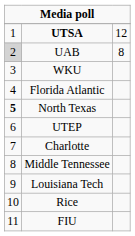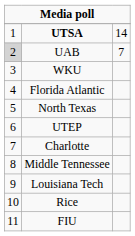 <table class="wikitable" style="display: inline-table;">
 <tr>
 <td align="center" Colspan="3"><strong>Media poll</strong></td>
 </tr>
 <tr align="center">
 </tr>
 <tr align="center"|>
 <td>1</td>
 <td><strong>UTSA</strong></td>
-<td>12</td>
+<td>14</td>
 </tr>
 <tr align="center">
 <td style="background: lightgrey;">2</td>
 <td>UAB</td>
-<td>8</td>
+<td>7</td>
 </tr>
 <tr align="center">
 <td>3</td>
 <td>WKU</td>
 <td></td>
 </tr>
 <tr align="center">
 <td>4</td>
 <td>Florida Atlantic</td>
 <td></td>
 </tr>
 <tr align="center">
-<td><strong>5</strong></td>
+<td>5</td>
 <td>North Texas</td>
 <td></td>
 </tr>
 <tr align="center">
 <td>6</td>
 <td>UTEP</td>
 <td></td>
 </tr>
 <tr align="center">
 <td>7</td>
 <td>Charlotte</td>
 <td></td>
 </tr>
 <tr align="center">
 <td>8</td>
 <td>Middle Tennessee</td>
 <td></td>
 </tr>
 <tr align="center">
 <td>9</td>
 <td>Louisiana Tech</td>
 <td></td>
 </tr>
 <tr align="center">
 <td>10</td>
 <td>Rice</td>
 <td></td>
 </tr>
 <tr align="center">
 <td>11</td>
 <td>FIU</td>
 <td></td>
 </tr>
 </table>
